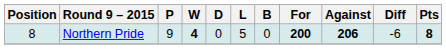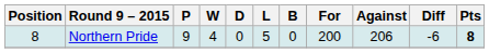 <table class="wikitable" style="text-align:center; font-size:85%;">
 <tr>
 <th width=40 abbr="Position">Position</th>
 <th width=100>Round 9 – 2015</th>
 <th width=20 abbr="Played">P</th>
 <th width=20 abbr="Won">W</th>
 <th width=20 abbr="Drawn">D</th>
 <th width=20 abbr="Lost">L</th>
 <th width=20 abbr="Bye">B</th>
 <th width=40 abbr="Points for">For</th>
 <th width=40 abbr="Points against">Against</th>
 <th width=40 abbr="Points difference">Diff</th>
 <th width=20 abbr="Points">Pts</th>
 </tr>
 <tr style="background: #d7ebed;">
 <td>8</td>
 <td style="text-align:left;"> <a href='#'>Northern Pride</a></td>
 <td>9</td>
-<td><strong>4</strong></td>
+<td>4</td>
 <td>0</td>
 <td>5</td>
 <td>0</td>
-<td><strong>200</strong></td>
-<td><strong>206</strong></td>
+<td>200</td>
+<td>206</td>
 <td>-6</td>
 <td><strong>8</strong></td>
 </tr>
 <tr>
 </tr>
 </table>
